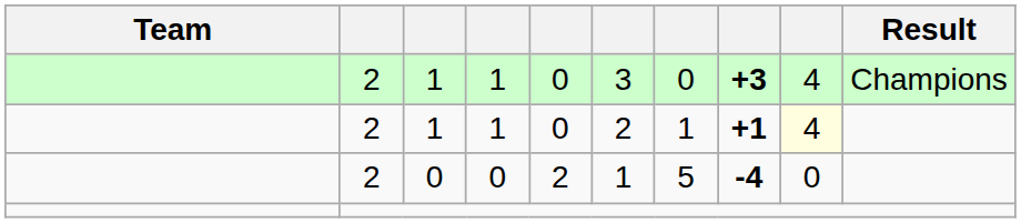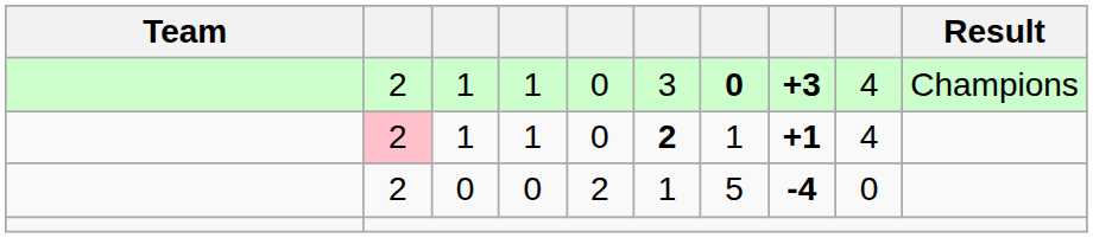 <table class="wikitable" style="text-align:center;">
 <tr>
 <th width=165>Team</th>
 <th width="25"></th>
 <th width="25"></th>
 <th width="25"></th>
 <th width="25"></th>
 <th width="25"></th>
 <th width="25"></th>
 <th width="25"></th>
 <th width="25"></th>
 <th>Result</th>
 </tr>
 <tr bgcolor="#ccffcc">
 <td style="text-align:left;"></td>
 <td>2</td>
 <td>1</td>
 <td>1</td>
 <td>0</td>
 <td>3</td>
-<td>0</td>
+<td><strong>0</strong></td>
 <td><strong>+3</strong></td>
 <td>4</td>
 <td>Champions</td>
 </tr>
 <tr>
 <td style="text-align:left;"></td>
-<td>2</td>
+<td style="background: pink;">2</td>
 <td>1</td>
 <td>1</td>
 <td>0</td>
-<td>2</td>
+<td><strong>2</strong></td>
 <td>1</td>
 <td><strong>+1</strong></td>
-<td style="background: lightyellow;">4</td>
+<td>4</td>
 <td></td>
 </tr>
 <tr>
 <td style="text-align:left;"></td>
 <td>2</td>
 <td>0</td>
 <td>0</td>
 <td>2</td>
 <td>1</td>
 <td>5</td>
 <td><strong>-4</strong></td>
 <td>0</td>
 <td></td>
 </tr>
 <tr>
 <td></td>
 </tr>
 </table>
